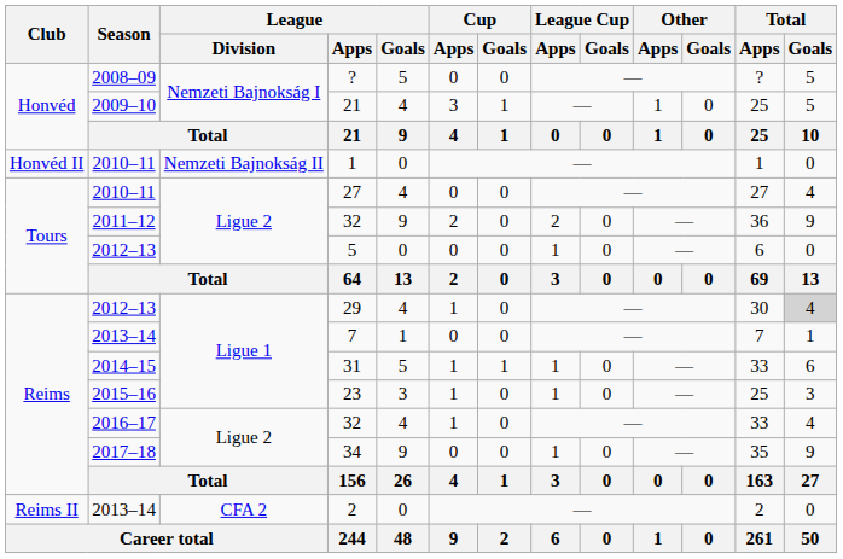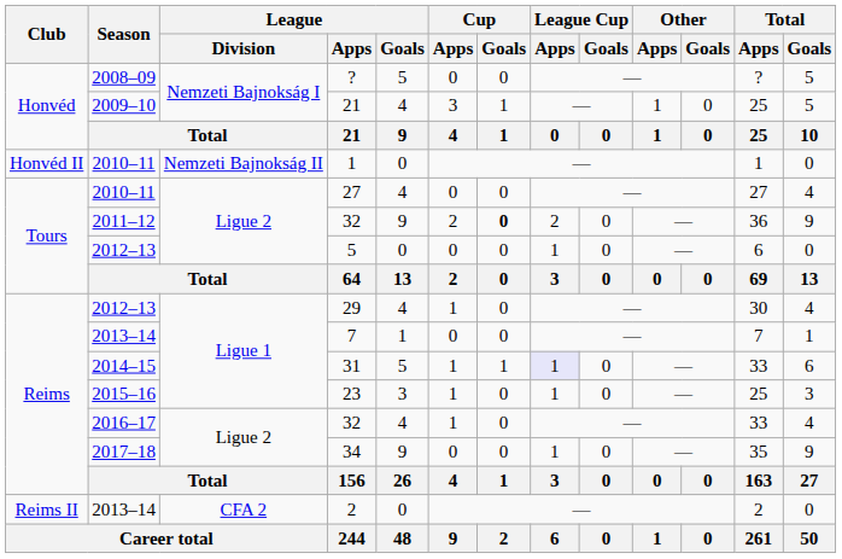 <table class="wikitable" style="text-align: center">
 <tr>
 <th rowspan="2">Club</th>
 <th rowspan="2">Season</th>
 <th colspan="3">League</th>
 <th colspan="2">Cup</th>
 <th colspan="2">League Cup</th>
 <th colspan="2">Other</th>
 <th colspan="2">Total</th>
 </tr>
 <tr>
 <th>Division</th>
 <th>Apps</th>
 <th>Goals</th>
 <th>Apps</th>
 <th>Goals</th>
 <th>Apps</th>
 <th>Goals</th>
 <th>Apps</th>
 <th>Goals</th>
 <th>Apps</th>
 <th>Goals</th>
 </tr>
 <tr>
 <td rowspan="3"><a href='#'>Honvéd</a></td>
 <td><a href='#'>2008–09</a></td>
 <td rowspan="2"><a href='#'>Nemzeti Bajnokság I</a></td>
 <td>?</td>
 <td>5</td>
 <td>0</td>
 <td>0</td>
 <td colspan="4">—</td>
 <td>?</td>
 <td>5</td>
 </tr>
 <tr>
 <td><a href='#'>2009–10</a></td>
 <td>21</td>
 <td>4</td>
 <td>3</td>
 <td>1</td>
 <td colspan="2">—</td>
 <td>1</td>
 <td>0</td>
 <td>25</td>
 <td>5</td>
 </tr>
 <tr>
 <th colspan="2">Total</th>
 <th>21</th>
 <th>9</th>
 <th>4</th>
 <th>1</th>
 <th>0</th>
 <th>0</th>
 <th>1</th>
 <th>0</th>
 <th>25</th>
 <th>10</th>
 </tr>
 <tr>
 <td><a href='#'>Honvéd II</a></td>
 <td><a href='#'>2010–11</a></td>
 <td><a href='#'>Nemzeti Bajnokság II</a></td>
 <td>1</td>
 <td>0</td>
 <td colspan="6">—</td>
 <td>1</td>
 <td>0</td>
 </tr>
 <tr>
 <td rowspan="4"><a href='#'>Tours</a></td>
 <td><a href='#'>2010–11</a></td>
 <td rowspan="3"><a href='#'>Ligue 2</a></td>
 <td>27</td>
 <td>4</td>
 <td>0</td>
 <td>0</td>
 <td colspan="4">—</td>
 <td>27</td>
 <td>4</td>
 </tr>
 <tr>
 <td><a href='#'>2011–12</a></td>
 <td>32</td>
 <td>9</td>
 <td>2</td>
-<td>0</td>
+<td><strong>0</strong></td>
 <td>2</td>
 <td>0</td>
 <td colspan="2">—</td>
 <td>36</td>
 <td>9</td>
 </tr>
 <tr>
 <td><a href='#'>2012–13</a></td>
 <td>5</td>
 <td>0</td>
 <td>0</td>
 <td>0</td>
 <td>1</td>
 <td>0</td>
 <td colspan="2">—</td>
 <td>6</td>
 <td>0</td>
 </tr>
 <tr>
 <th colspan="2">Total</th>
 <th>64</th>
 <th>13</th>
 <th>2</th>
 <th>0</th>
 <th>3</th>
 <th>0</th>
 <th>0</th>
 <th>0</th>
 <th>69</th>
 <th>13</th>
 </tr>
 <tr>
 <td rowspan=7><a href='#'>Reims</a></td>
 <td><a href='#'>2012–13</a></td>
 <td rowspan="4"><a href='#'>Ligue 1</a></td>
 <td>29</td>
 <td>4</td>
 <td>1</td>
 <td>0</td>
 <td colspan="4">—</td>
 <td>30</td>
-<td style="background: lightgrey;">4</td>
+<td>4</td>
 </tr>
 <tr>
 <td><a href='#'>2013–14</a></td>
 <td>7</td>
 <td>1</td>
 <td>0</td>
 <td>0</td>
 <td colspan="4">—</td>
 <td>7</td>
 <td>1</td>
 </tr>
 <tr>
 <td><a href='#'>2014–15</a></td>
 <td>31</td>
 <td>5</td>
 <td>1</td>
 <td>1</td>
-<td>1</td>
+<td style="background: lavender;">1</td>
 <td>0</td>
 <td colspan="2">—</td>
 <td>33</td>
 <td>6</td>
 </tr>
 <tr>
 <td><a href='#'>2015–16</a></td>
 <td>23</td>
 <td>3</td>
 <td>1</td>
 <td>0</td>
 <td>1</td>
 <td>0</td>
 <td colspan="2">—</td>
 <td>25</td>
 <td>3</td>
 </tr>
 <tr>
 <td><a href='#'>2016–17</a></td>
 <td rowspan="2">Ligue 2</td>
 <td>32</td>
 <td>4</td>
 <td>1</td>
 <td>0</td>
 <td colspan="4">—</td>
 <td>33</td>
 <td>4</td>
 </tr>
 <tr>
 <td><a href='#'>2017–18</a></td>
 <td>34</td>
 <td>9</td>
 <td>0</td>
 <td>0</td>
 <td>1</td>
 <td>0</td>
 <td colspan="2">—</td>
 <td>35</td>
 <td>9</td>
 </tr>
 <tr>
 <th colspan="2">Total</th>
 <th>156</th>
 <th>26</th>
 <th>4</th>
 <th>1</th>
 <th>3</th>
 <th>0</th>
 <th>0</th>
 <th>0</th>
 <th>163</th>
 <th>27</th>
 </tr>
 <tr>
 <td><a href='#'>Reims II</a></td>
 <td>2013–14</td>
 <td><a href='#'>CFA 2</a></td>
 <td>2</td>
 <td>0</td>
 <td colspan="6">—</td>
 <td>2</td>
 <td>0</td>
 </tr>
 <tr>
 <th colspan="3">Career total</th>
 <th>244</th>
 <th>48</th>
 <th>9</th>
 <th>2</th>
 <th>6</th>
 <th>0</th>
 <th>1</th>
 <th>0</th>
 <th>261</th>
 <th>50</th>
 </tr>
 </table>
